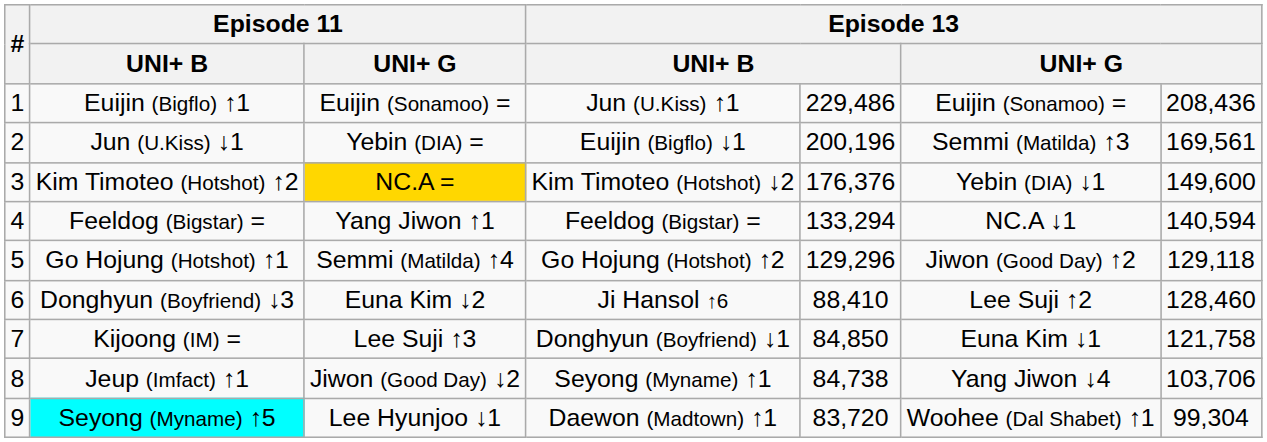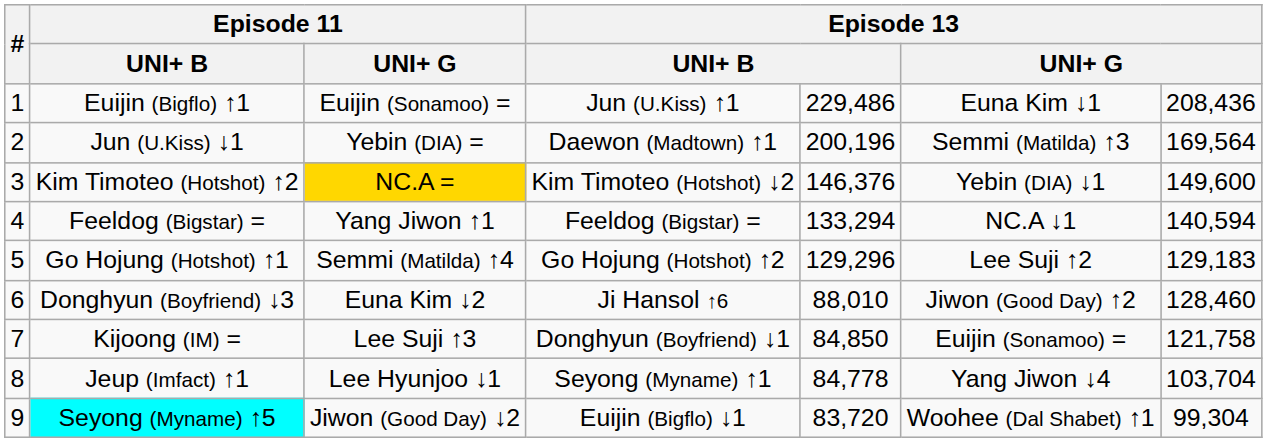 <table class="wikitable sortable" style="text-align:center;">
 <tr>
 <th rowspan="2">#</th>
 <th colspan="2">Episode 11</th>
 <th colspan="4">Episode 13</th>
 </tr>
 <tr>
 <th>UNI+ B</th>
 <th>UNI+ G</th>
 <th colspan="2">UNI+ B</th>
 <th colspan="2">UNI+ G</th>
 </tr>
 <tr>
 <td>1</td>
 <td>Euijin <small>(Bigflo)</small> ↑1</td>
 <td>Euijin <small>(Sonamoo)</small> =</td>
 <td>Jun <small>(U.Kiss)</small> ↑1</td>
 <td>229,486</td>
-<td>Euijin <small>(Sonamoo)</small> =</td>
+<td>Euna Kim ↓1</td>
 <td>208,436</td>
 </tr>
 <tr>
 <td>2</td>
 <td>Jun <small>(U.Kiss)</small> ↓1</td>
 <td>Yebin <small>(DIA)</small> =</td>
-<td>Euijin <small>(Bigflo)</small> ↓1</td>
+<td>Daewon <small>(Madtown)</small> ↑1</td>
 <td>200,196</td>
 <td>Semmi <small>(Matilda)</small> ↑3</td>
-<td>169,561</td>
+<td>169,564</td>
 </tr>
 <tr>
 <td>3</td>
 <td>Kim Timoteo <small>(Hotshot)</small> ↑2</td>
 <td style="background: gold;">NC.A =</td>
 <td>Kim Timoteo <small>(Hotshot)</small> ↓2</td>
-<td>176,376</td>
+<td>146,376</td>
 <td>Yebin <small>(DIA)</small> ↓1</td>
 <td>149,600</td>
 </tr>
 <tr>
 <td>4</td>
 <td>Feeldog <small>(Bigstar)</small> =</td>
 <td>Yang Jiwon ↑1</td>
 <td>Feeldog <small>(Bigstar)</small> =</td>
 <td>133,294</td>
 <td>NC.A ↓1</td>
 <td>140,594</td>
 </tr>
 <tr>
 <td>5</td>
 <td>Go Hojung <small>(Hotshot)</small> ↑1</td>
 <td>Semmi <small>(Matilda)</small> ↑4</td>
 <td>Go Hojung <small>(Hotshot)</small> ↑2</td>
 <td>129,296</td>
-<td>Jiwon <small>(Good Day)</small> ↑2</td>
-<td>129,118</td>
+<td>Lee Suji ↑2</td>
+<td>129,183</td>
 </tr>
 <tr>
 <td>6</td>
 <td>Donghyun <small>(Boyfriend)</small> ↓3</td>
 <td>Euna Kim ↓2</td>
 <td>Ji Hansol <small> ↑6</small></td>
-<td>88,410</td>
-<td>Lee Suji ↑2</td>
+<td>88,010</td>
+<td>Jiwon <small>(Good Day)</small> ↑2</td>
 <td>128,460</td>
 </tr>
 <tr>
 <td>7</td>
 <td>Kijoong <small>(IM)</small> =</td>
 <td>Lee Suji ↑3</td>
 <td>Donghyun <small>(Boyfriend)</small> ↓1</td>
 <td>84,850</td>
-<td>Euna Kim ↓1</td>
+<td>Euijin <small>(Sonamoo)</small> =</td>
 <td>121,758</td>
 </tr>
 <tr>
 <td>8</td>
 <td>Jeup <small>(Imfact)</small> ↑1</td>
-<td>Jiwon <small>(Good Day)</small> ↓2</td>
+<td>Lee Hyunjoo ↓1</td>
 <td>Seyong <small>(Myname)</small> ↑1</td>
-<td>84,738</td>
+<td>84,778</td>
 <td>Yang Jiwon ↓4</td>
-<td>103,706</td>
+<td>103,704</td>
 </tr>
 <tr>
 <td>9</td>
 <td style="background:aqua">Seyong <small>(Myname)</small> ↑5</td>
-<td>Lee Hyunjoo ↓1</td>
-<td>Daewon <small>(Madtown)</small> ↑1</td>
+<td>Jiwon <small>(Good Day)</small> ↓2</td>
+<td>Euijin <small>(Bigflo)</small> ↓1</td>
 <td>83,720</td>
 <td>Woohee <small>(Dal Shabet)</small> ↑1</td>
 <td>99,304</td>
 </tr>
 </table>
